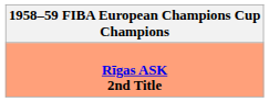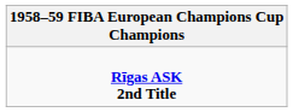 <table class=wikitable style="text-align:center; margin:auto">
 <tr>
 <th>1958–59 FIBA European Champions Cup<br>Champions</th>
 </tr>
 <tr>
-<td style="background: lightsalmon;"> <br> <strong><a href='#'>Rīgas ASK</a></strong> <br> <strong>2nd Title</strong></td>
+<td> <br> <strong><a href='#'>Rīgas ASK</a></strong> <br> <strong>2nd Title</strong></td>
 </tr>
 </table>
